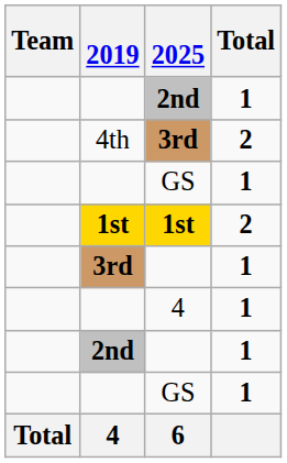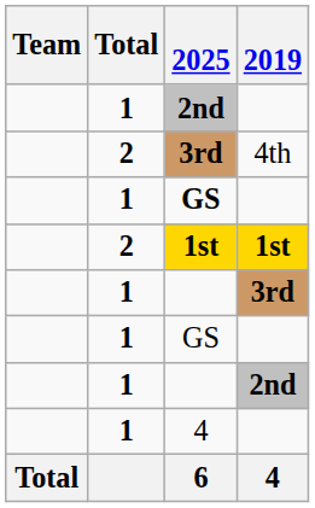 <table class="wikitable sortable sticky-header" style="text-align:center">
 <tr>
 <th>Team</th>
+<th>Total</th>
+<th><br><a href='#'>2025</a></th>
 <th><br><a href='#'>2019</a></th>
-<th><br><a href='#'>2025</a></th>
-<th>Total</th>
 </tr>
 <tr>
 <td align=left></td>
+<td><strong>1</strong></td>
+<td bgcolor=silver><strong>2nd</strong></td>
 <td></td>
-<td bgcolor=silver><strong>2nd</strong></td>
-<td><strong>1</strong></td>
 </tr>
 <tr>
 <td align=left></td>
+<td><strong>2</strong></td>
+<td bgcolor=cc9966><strong>3rd</strong></td>
 <td>4th</td>
-<td bgcolor=cc9966><strong>3rd</strong></td>
-<td><strong>2</strong></td>
 </tr>
 <tr>
 <td align=left></td>
+<td><strong>1</strong></td>
+<td><strong>GS</strong></td>
 <td></td>
-<td>GS</td>
-<td><strong>1</strong></td>
 </tr>
 <tr>
 <td align=left></td>
+<td><strong>2</strong></td>
 <td bgcolor=gold><strong>1st</strong></td>
 <td bgcolor=gold><strong>1st</strong></td>
-<td><strong>2</strong></td>
 </tr>
 <tr>
 <td align=left></td>
+<td><strong>1</strong></td>
+<td></td>
 <td bgcolor=cc9966><strong>3rd</strong></td>
-<td></td>
-<td><strong>1</strong></td>
 </tr>
 <tr>
 <td align=left></td>
+<td><strong>1</strong></td>
+<td>GS</td>
 <td></td>
-<td>4</td>
-<td><strong>1</strong></td>
 </tr>
 <tr>
 <td align=left></td>
+<td><strong>1</strong></td>
+<td></td>
 <td bgcolor=silver><strong>2nd</strong></td>
-<td></td>
-<td><strong>1</strong></td>
 </tr>
 <tr>
 <td align=left></td>
+<td><strong>1</strong></td>
+<td>4</td>
 <td></td>
-<td>GS</td>
-<td><strong>1</strong></td>
 </tr>
 <tr>
 <th align=left>Total</th>
+<th></th>
+<th>6</th>
 <th>4</th>
-<th>6</th>
-<th></th>
 </tr>
 </table>
